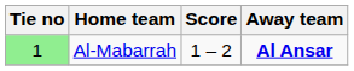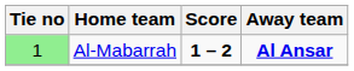 <table class="wikitable" style="text-align: center">
 <tr>
 <th>Tie no</th>
 <th>Home team</th>
 <th>Score</th>
 <th>Away team</th>
 </tr>
 <tr>
 <td style="background: lightgreen;">1</td>
 <td><a href='#'>Al-Mabarrah</a></td>
-<td>1 – 2</td>
+<td><strong>1 – 2</strong></td>
 <td><strong><a href='#'>Al Ansar</a></strong></td>
 </tr>
 <tr>
 </tr>
 </table>
